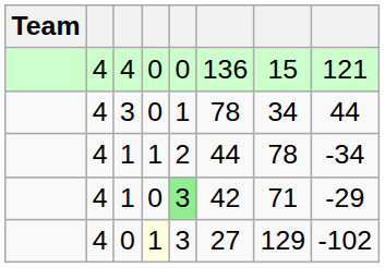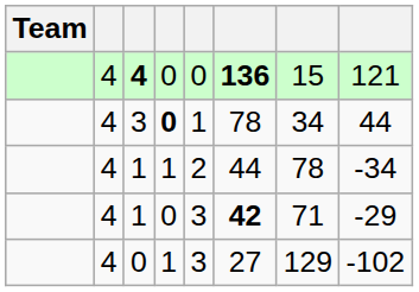 <table class="wikitable" style="text-align: center;">
 <tr>
 <th>Team</th>
 <th></th>
 <th></th>
 <th></th>
 <th></th>
 <th></th>
 <th></th>
 <th></th>
 </tr>
 <tr bgcolor="ccffcc">
 <td align="left"></td>
 <td>4</td>
-<td>4</td>
+<td><strong>4</strong></td>
 <td>0</td>
 <td>0</td>
-<td>136</td>
+<td><strong>136</strong></td>
 <td>15</td>
 <td>121</td>
 </tr>
 <tr>
 <td align="left"></td>
 <td>4</td>
 <td>3</td>
-<td>0</td>
+<td><strong>0</strong></td>
 <td>1</td>
 <td>78</td>
 <td>34</td>
 <td>44</td>
 </tr>
 <tr>
 <td align="left"></td>
 <td>4</td>
 <td>1</td>
 <td>1</td>
 <td>2</td>
 <td>44</td>
 <td>78</td>
 <td>-34</td>
 </tr>
 <tr>
 <td></td>
 <td>4</td>
 <td>1</td>
 <td>0</td>
-<td style="background: lightgreen;">3</td>
-<td>42</td>
+<td>3</td>
+<td><strong>42</strong></td>
 <td>71</td>
 <td>-29</td>
 </tr>
 <tr>
 <td></td>
 <td>4</td>
 <td>0</td>
-<td style="background: lightyellow;">1</td>
+<td>1</td>
 <td>3</td>
 <td>27</td>
 <td>129</td>
 <td>-102</td>
 </tr>
 </table>
